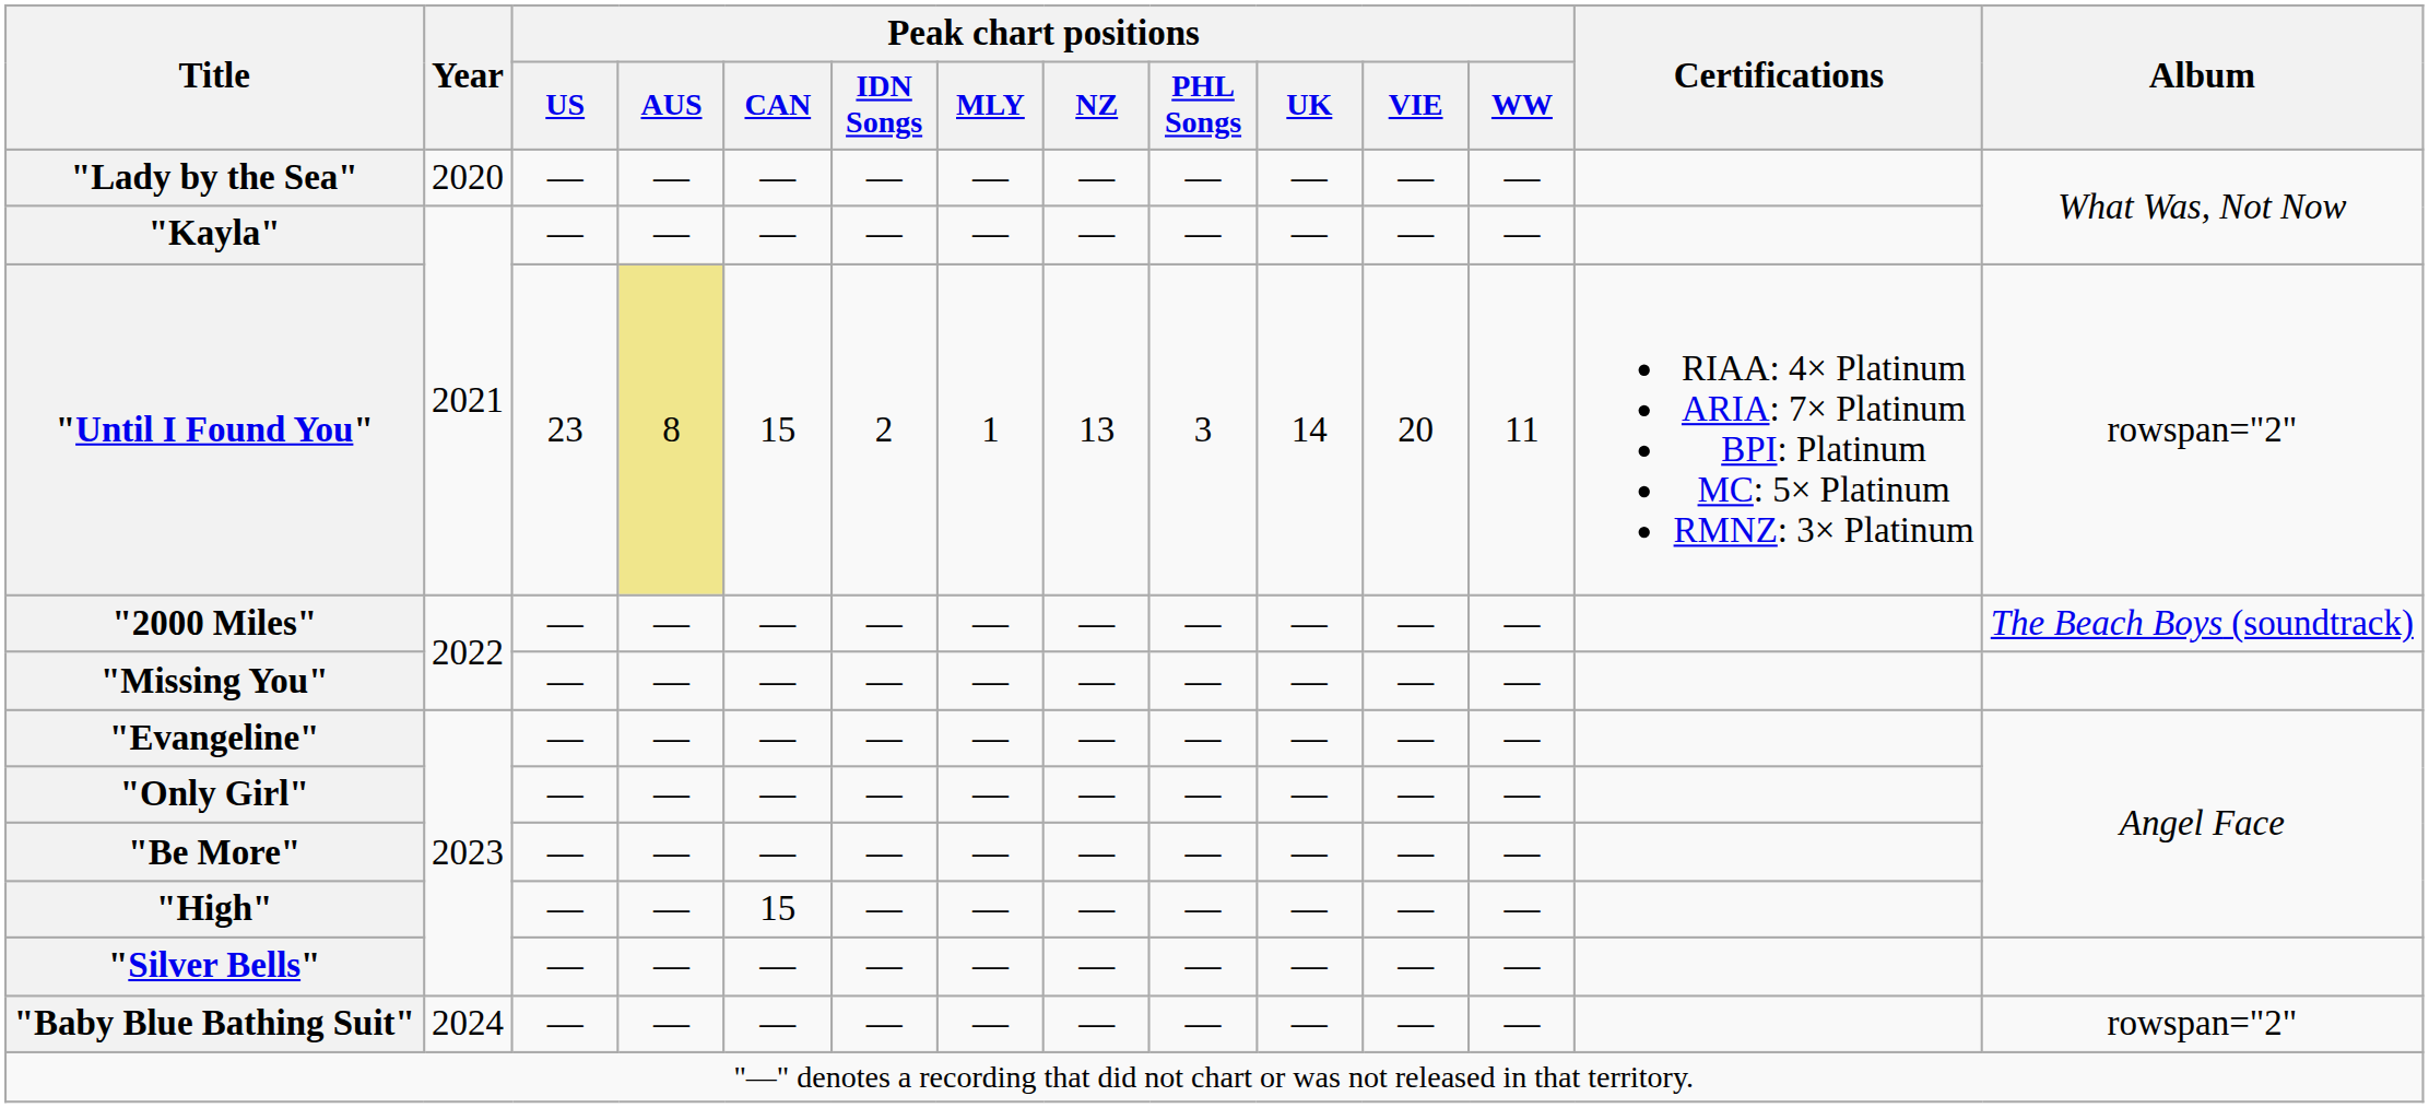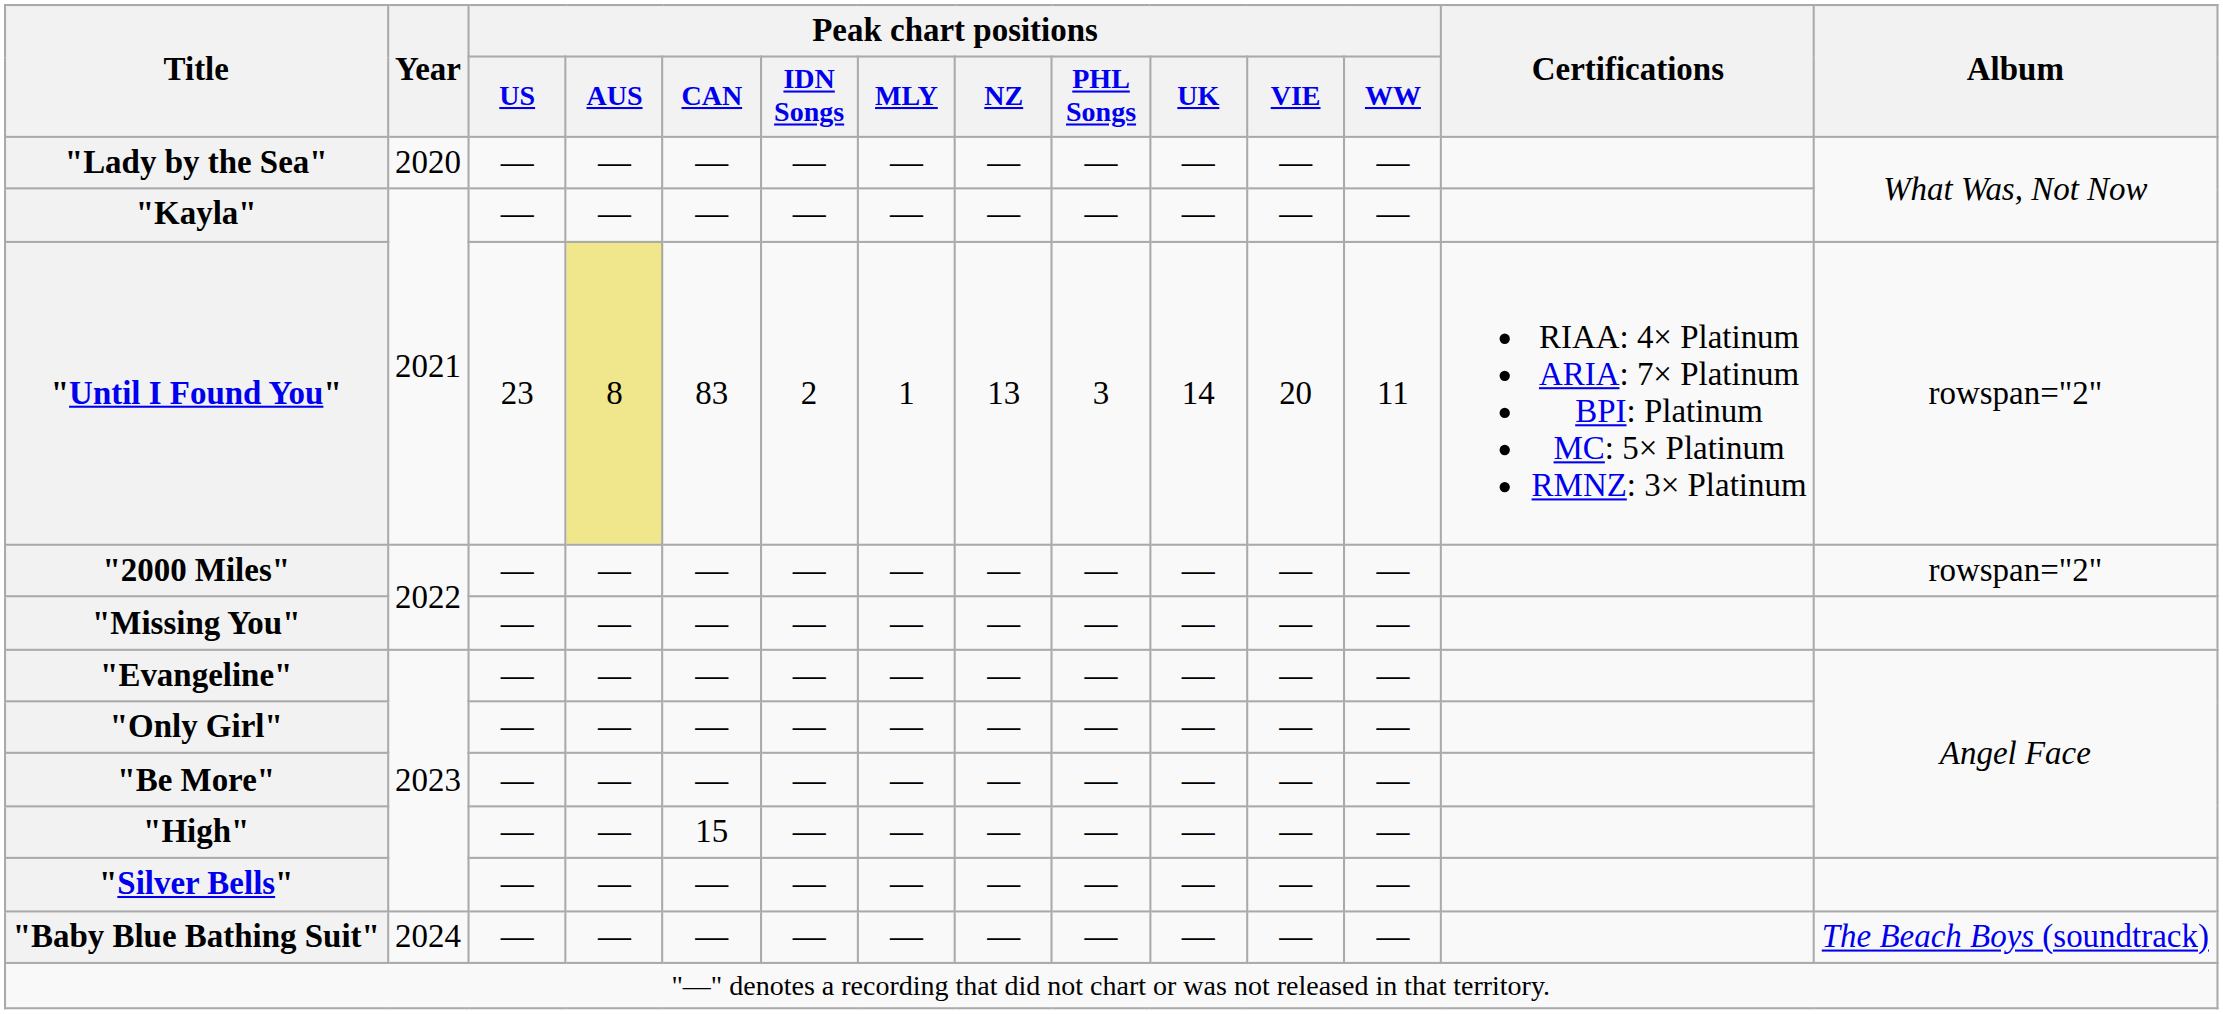 <table class="wikitable plainrowheaders" style="text-align:center;">
 <tr>
 <th scope="col" rowspan="2">Title</th>
 <th scope="col" rowspan="2">Year</th>
 <th scope="col" colspan="10">Peak chart positions</th>
 <th scope="col" rowspan="2">Certifications</th>
 <th scope="col" rowspan="2">Album</th>
 </tr>
 <tr>
 <th scope="col" style="width:3em;font-size:85%;"><a href='#'>US</a><br></th>
 <th scope="col" style="width:3em;font-size:85%;"><a href='#'>AUS</a><br></th>
 <th scope="col" style="width:3em;font-size:85%;"><a href='#'>CAN</a><br></th>
 <th scope="col" style="width:3em;font-size:85%;"><a href='#'>IDN<br>Songs</a><br></th>
 <th scope="col" style="width:3em;font-size:85%;"><a href='#'>MLY</a><br></th>
 <th scope="col" style="width:3em;font-size:85%;"><a href='#'>NZ</a><br></th>
 <th scope="col" style="width:3em;font-size:85%;"><a href='#'>PHL<br>Songs</a><br></th>
 <th scope="col" style="width:3em;font-size:85%;"><a href='#'>UK</a><br></th>
 <th scope="col" style="width:3em;font-size:85%;"><a href='#'>VIE</a><br></th>
 <th scope="col" style="width:3em;font-size:85%;"><a href='#'>WW</a><br></th>
 </tr>
 <tr>
 <th scope="row">"Lady by the Sea"</th>
 <td>2020</td>
 <td>—</td>
 <td>—</td>
 <td>—</td>
 <td>—</td>
 <td>—</td>
 <td>—</td>
 <td>—</td>
 <td>—</td>
 <td>—</td>
 <td>—</td>
 <td></td>
 <td rowspan="2"><em>What Was, Not Now</em></td>
 </tr>
 <tr>
 <th scope="row">"Kayla"</th>
 <td rowspan="2">2021</td>
 <td>—</td>
 <td>—</td>
 <td>—</td>
 <td>—</td>
 <td>—</td>
 <td>—</td>
 <td>—</td>
 <td>—</td>
 <td>—</td>
 <td>—</td>
 <td></td>
 </tr>
 <tr>
 <th scope="row">"<a href='#'>Until I Found You</a>"<br></th>
 <td>23</td>
 <td style="background: khaki;">8</td>
-<td>15</td>
+<td>83</td>
 <td>2</td>
 <td>1</td>
 <td>13</td>
 <td>3</td>
 <td>14</td>
 <td>20</td>
 <td>11</td>
 <td><br><ul><li>RIAA: 4× Platinum</li><li><a href='#'>ARIA</a>: 7× Platinum</li><li><a href='#'>BPI</a>: Platinum</li><li><a href='#'>MC</a>: 5× Platinum</li><li><a href='#'>RMNZ</a>: 3× Platinum</li></ul></td>
 <td>rowspan="2" </td>
 </tr>
 <tr>
 <th scope="row">"2000 Miles"<br></th>
 <td rowspan="2">2022</td>
 <td>—</td>
 <td>—</td>
 <td>—</td>
 <td>—</td>
 <td>—</td>
 <td>—</td>
 <td>—</td>
 <td>—</td>
 <td>—</td>
 <td>—</td>
 <td></td>
-<td><a href='#'><em>The Beach Boys</em> (soundtrack)</a></td>
+<td>rowspan="2" </td>
 </tr>
 <tr>
 <th scope="row">"Missing You"<br></th>
 <td>—</td>
 <td>—</td>
 <td>—</td>
 <td>—</td>
 <td>—</td>
 <td>—</td>
 <td>—</td>
 <td>—</td>
 <td>—</td>
 <td>—</td>
 <td></td>
 </tr>
 <tr>
 <th scope="row">"Evangeline"</th>
 <td rowspan="5">2023</td>
 <td>—</td>
 <td>—</td>
 <td>—</td>
 <td>—</td>
 <td>—</td>
 <td>—</td>
 <td>—</td>
 <td>—</td>
 <td>—</td>
 <td>—</td>
 <td></td>
 <td rowspan="4"><em>Angel Face</em></td>
 </tr>
 <tr>
 <th scope="row">"Only Girl"</th>
 <td>—</td>
 <td>—</td>
 <td>—</td>
 <td>—</td>
 <td>—</td>
 <td>—</td>
 <td>—</td>
 <td>—</td>
 <td>—</td>
 <td>—</td>
 <td></td>
 </tr>
 <tr>
 <th scope="row">"Be More"</th>
 <td>—</td>
 <td>—</td>
 <td>—</td>
 <td>—</td>
 <td>—</td>
 <td>—</td>
 <td>—</td>
 <td>—</td>
 <td>—</td>
 <td>—</td>
 <td></td>
 </tr>
 <tr>
 <th scope="row">"High"</th>
 <td>—</td>
 <td>—</td>
 <td>15</td>
 <td>—</td>
 <td>—</td>
 <td>—</td>
 <td>—</td>
 <td>—</td>
 <td>—</td>
 <td>—</td>
 <td></td>
 </tr>
 <tr>
 <th scope="row">"<a href='#'>Silver Bells</a>"</th>
 <td>—</td>
 <td>—</td>
 <td>—</td>
 <td>—</td>
 <td>—</td>
 <td>—</td>
 <td>—</td>
 <td>—</td>
 <td>—</td>
 <td>—</td>
 <td></td>
 <td></td>
 </tr>
 <tr>
 <th scope="row">"Baby Blue Bathing Suit"</th>
 <td>2024</td>
 <td>—</td>
 <td>—</td>
 <td>—</td>
 <td>—</td>
 <td>—</td>
 <td>—</td>
 <td>—</td>
 <td>—</td>
 <td>—</td>
 <td>—</td>
 <td></td>
-<td>rowspan="2" </td>
+<td><a href='#'><em>The Beach Boys</em> (soundtrack)</a></td>
 </tr>
 <tr>
 <td colspan="14" style="font-size:85%">"—" denotes a recording that did not chart or was not released in that territory.</td>
 </tr>
 </table>
